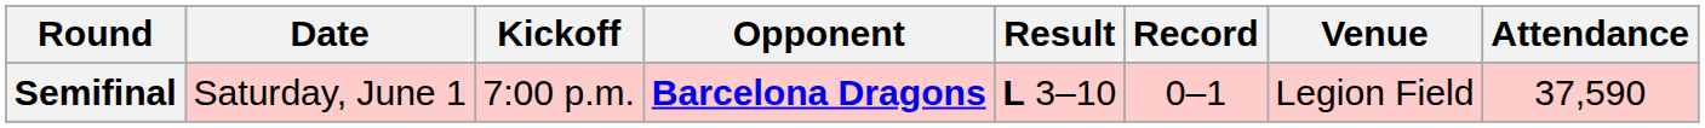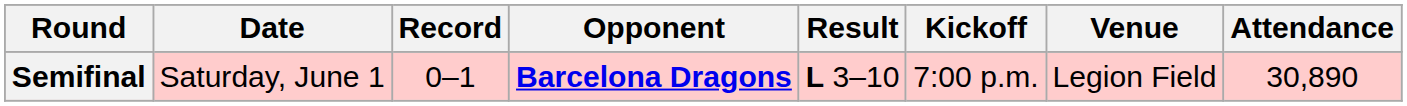 <table class="wikitable" style="text-align:center">
 <tr>
 <th>Round</th>
 <th>Date</th>
-<th>Kickoff</th>
+<th>Record</th>
 <th>Opponent</th>
 <th>Result</th>
-<th>Record</th>
+<th>Kickoff</th>
 <th>Venue</th>
 <th>Attendance</th>
 </tr>
 <tr style="background:#fcc">
 <th>Semifinal</th>
 <td>Saturday, June 1</td>
-<td>7:00 p.m.</td>
+<td>0–1</td>
 <td><strong><a href='#'>Barcelona Dragons</a></strong></td>
 <td><strong>L</strong> 3–10</td>
-<td>0–1</td>
+<td>7:00 p.m.</td>
 <td>Legion Field</td>
-<td>37,590</td>
+<td>30,890</td>
 </tr>
 </table>
